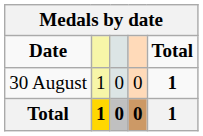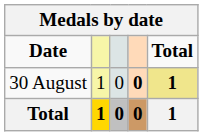 <table class="wikitable" style="font-size:85%">
 <tr bgcolor="#efefef">
 <th colspan=6>Medals by date</th>
 </tr>
 <tr align=center>
 <td><strong>Date</strong></td>
 <td bgcolor=#f7f6a8></td>
 <td bgcolor=#dce5e5></td>
 <td bgcolor=#ffdab9></td>
 <td><strong>Total</strong></td>
 </tr>
 <tr align=center>
 <td>30 August</td>
 <td style="background:#F7F6A8;">1</td>
 <td style="background:#DCE5E5;">0</td>
-<td style="background:#FFDAB9;">0</td>
-<td><strong>1</strong></td>
+<td style="background:#FFDAB9;"><strong>0</strong></td>
+<td style="background: khaki;"><strong>1</strong></td>
 </tr>
 <tr align=center>
 <th><strong>Total</strong></th>
 <th style="background:gold;"><strong>1</strong></th>
 <th style="background:silver;"><strong>0</strong></th>
 <th style="background:#c96;"><strong>0</strong></th>
 <th>1</th>
 </tr>
 </table>
